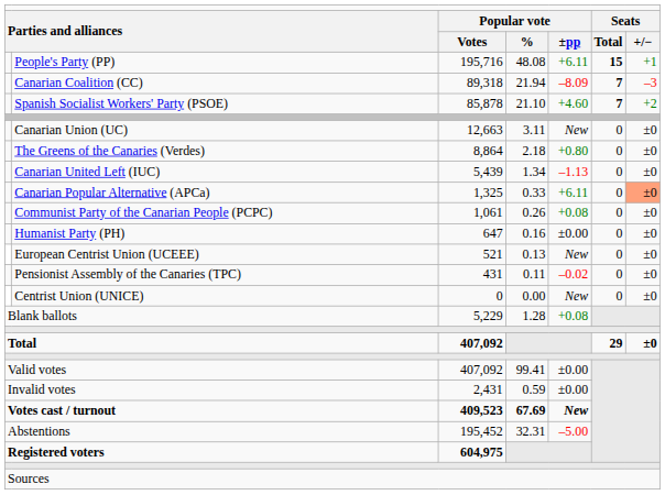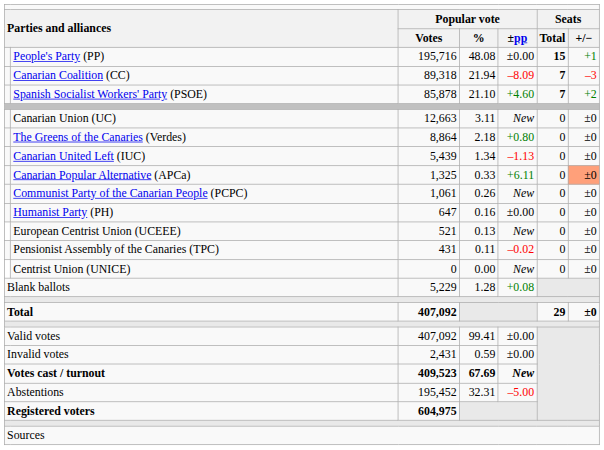 <table class="wikitable" style="text-align:right;">
 <tr>
 <td colspan="7"></td>
 </tr>
 <tr>
 <th style="text-align:left;" rowspan="2" colspan="2" width="525">Parties and alliances</th>
 <th colspan="3">Popular vote</th>
 <th colspan="2">Seats</th>
 </tr>
 <tr>
 <th width="75">Votes</th>
 <th width="45">%</th>
 <th width="45">±<a href='#'>pp</a></th>
 <th width="35">Total</th>
 <th width="35">+/−</th>
 </tr>
 <tr>
 <td width="1" style="color:inherit;background:"></td>
 <td align="left"><a href='#'>People's Party</a> (PP)</td>
 <td>195,716</td>
 <td>48.08</td>
-<td style="color:green;">+6.11</td>
+<td>±0.00</td>
 <td><strong>15</strong></td>
 <td style="color:green;">+1</td>
 </tr>
 <tr>
 <td style="color:inherit;background:"></td>
 <td align="left"><a href='#'>Canarian Coalition</a> (CC)</td>
 <td>89,318</td>
 <td>21.94</td>
 <td style="color:red;">–8.09</td>
 <td><strong>7</strong></td>
 <td style="color:red;">–3</td>
 </tr>
 <tr>
 <td style="color:inherit;background:"></td>
 <td align="left"><a href='#'>Spanish Socialist Workers' Party</a> (PSOE)</td>
 <td>85,878</td>
 <td>21.10</td>
 <td style="color:green;">+4.60</td>
 <td><strong>7</strong></td>
 <td style="color:green;">+2</td>
 </tr>
 <tr>
 <td colspan="7" bgcolor="#C0C0C0"></td>
 </tr>
 <tr>
 <td style="color:inherit;background:"></td>
 <td align="left">Canarian Union (UC)</td>
 <td>12,663</td>
 <td>3.11</td>
 <td><em>New</em></td>
 <td>0</td>
 <td>±0</td>
 </tr>
 <tr>
 <td style="color:inherit;background:"></td>
 <td align="left"><a href='#'>The Greens of the Canaries</a> (Verdes)</td>
 <td>8,864</td>
 <td>2.18</td>
 <td style="color:green;">+0.80</td>
 <td>0</td>
 <td>±0</td>
 </tr>
 <tr>
 <td style="color:inherit;background:"></td>
 <td align="left"><a href='#'>Canarian United Left</a> (IUC)</td>
 <td>5,439</td>
 <td>1.34</td>
 <td style="color:red;">–1.13</td>
 <td>0</td>
 <td>±0</td>
 </tr>
 <tr>
 <td style="color:inherit;background:"></td>
 <td align="left"><a href='#'>Canarian Popular Alternative</a> (APCa)</td>
 <td>1,325</td>
 <td>0.33</td>
 <td style="color:green;">+6.11</td>
 <td>0</td>
 <td style="background: lightsalmon;">±0</td>
 </tr>
 <tr>
 <td style="color:inherit;background:"></td>
 <td align="left"><a href='#'>Communist Party of the Canarian People</a> (PCPC)</td>
 <td>1,061</td>
 <td>0.26</td>
-<td style="color:green;">+0.08</td>
+<td><em>New</em></td>
 <td>0</td>
 <td>±0</td>
 </tr>
 <tr>
 <td style="color:inherit;background:"></td>
 <td align="left"><a href='#'>Humanist Party</a> (PH)</td>
 <td>647</td>
 <td>0.16</td>
 <td>±0.00</td>
 <td>0</td>
 <td>±0</td>
 </tr>
 <tr>
 <td bgcolor="white"></td>
 <td align="left">European Centrist Union (UCEEE)</td>
 <td>521</td>
 <td>0.13</td>
 <td><em>New</em></td>
 <td>0</td>
 <td>±0</td>
 </tr>
 <tr>
 <td style="color:inherit;background:"></td>
 <td align="left">Pensionist Assembly of the Canaries (TPC)</td>
 <td>431</td>
 <td>0.11</td>
 <td style="color:red;">–0.02</td>
 <td>0</td>
 <td>±0</td>
 </tr>
 <tr>
 <td bgcolor="white"></td>
 <td align="left">Centrist Union (UNICE)</td>
 <td>0</td>
 <td>0.00</td>
 <td><em>New</em></td>
 <td>0</td>
 <td>±0</td>
 </tr>
 <tr>
 <td align="left" colspan="2">Blank ballots</td>
 <td>5,229</td>
 <td>1.28</td>
 <td style="color:green;">+0.08</td>
 <td bgcolor="#E9E9E9" colspan="2"></td>
 </tr>
 <tr>
 <td colspan="7" bgcolor="#E9E9E9"></td>
 </tr>
 <tr style="font-weight:bold;">
 <td align="left" colspan="2">Total</td>
 <td>407,092</td>
 <td bgcolor="#E9E9E9" colspan="2"></td>
 <td>29</td>
 <td>±0</td>
 </tr>
 <tr>
 <td colspan="7" bgcolor="#E9E9E9"></td>
 </tr>
 <tr>
 <td align="left" colspan="2">Valid votes</td>
 <td>407,092</td>
 <td>99.41</td>
 <td>±0.00</td>
 <td bgcolor="#E9E9E9" colspan="2" rowspan="5"></td>
 </tr>
 <tr>
 <td align="left" colspan="2">Invalid votes</td>
 <td>2,431</td>
 <td>0.59</td>
 <td>±0.00</td>
 </tr>
 <tr style="font-weight:bold;">
 <td align="left" colspan="2">Votes cast / turnout</td>
 <td>409,523</td>
 <td>67.69</td>
 <td><em>New</em></td>
 </tr>
 <tr>
 <td align="left" colspan="2">Abstentions</td>
 <td>195,452</td>
 <td>32.31</td>
 <td style="color:red;">–5.00</td>
 </tr>
 <tr style="font-weight:bold;">
 <td align="left" colspan="2">Registered voters</td>
 <td>604,975</td>
 <td bgcolor="#E9E9E9" colspan="2"></td>
 </tr>
 <tr>
 <td colspan="7" bgcolor="#E9E9E9"></td>
 </tr>
 <tr>
 <td align="left" colspan="7">Sources</td>
 </tr>
 </table>
